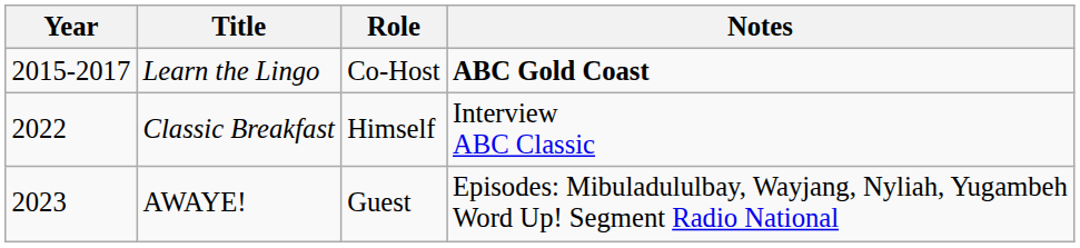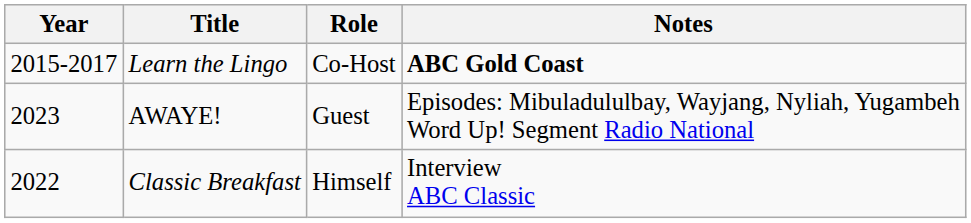 <table class="wikitable sortable">
 <tr>
 <th>Year</th>
 <th>Title</th>
 <th>Role</th>
 <th class="unsortable">Notes</th>
 </tr>
 <tr>
 <td>2015-2017</td>
 <td><em>Learn the Lingo</em></td>
 <td>Co-Host</td>
 <td><strong>ABC Gold Coast</strong></td>
 </tr>
 <tr>
+<td>2023</td>
+<td>AWAYE!</td>
+<td>Guest</td>
+<td>Episodes: Mibuladululbay, Wayjang, Nyliah, Yugambeh<br>Word Up! Segment <a href='#'>Radio National</a></td>
+</tr>
+<tr>
 <td>2022</td>
 <td><em>Classic Breakfast</em></td>
 <td>Himself</td>
 <td>Interview<br><a href='#'>ABC Classic</a></td>
 </tr>
-<tr>
-<td>2023</td>
-<td>AWAYE!</td>
-<td>Guest</td>
-<td>Episodes: Mibuladululbay, Wayjang, Nyliah, Yugambeh<br>Word Up! Segment <a href='#'>Radio National</a></td>
-</tr>
 </table>
